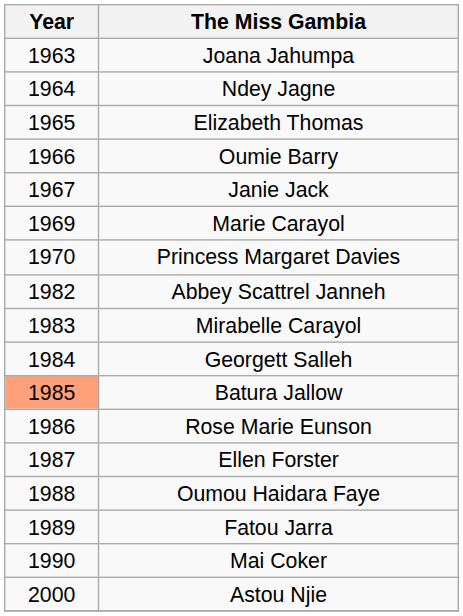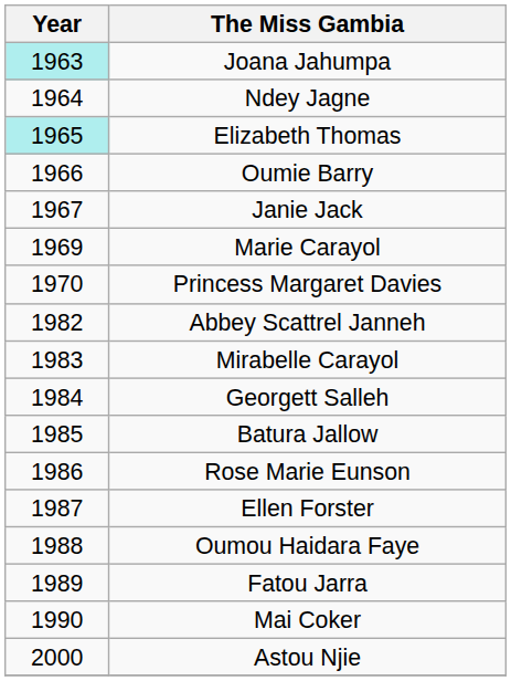 <table class="wikitable sortable" style="font-size: 95%; text-align:center">
 <tr>
 <th width="60">Year</th>
 <th width="250">The Miss Gambia</th>
 </tr>
 <tr>
-<td>1963</td>
+<td style="background: paleturquoise;">1963</td>
 <td>Joana Jahumpa</td>
 </tr>
 <tr>
 <td>1964</td>
 <td>Ndey Jagne</td>
 </tr>
 <tr>
-<td>1965</td>
+<td style="background: paleturquoise;">1965</td>
 <td>Elizabeth Thomas</td>
 </tr>
 <tr>
 <td>1966</td>
 <td>Oumie Barry</td>
 </tr>
 <tr>
 <td>1967</td>
 <td>Janie Jack</td>
 </tr>
 <tr>
 <td>1969</td>
 <td>Marie Carayol</td>
 </tr>
 <tr>
 <td>1970</td>
 <td>Princess Margaret Davies</td>
 </tr>
 <tr>
 <td>1982</td>
 <td>Abbey Scattrel Janneh</td>
 </tr>
 <tr>
 <td>1983</td>
 <td>Mirabelle Carayol</td>
 </tr>
 <tr>
 <td>1984</td>
 <td>Georgett Salleh</td>
 </tr>
 <tr>
-<td style="background: lightsalmon;">1985</td>
+<td>1985</td>
 <td>Batura Jallow</td>
 </tr>
 <tr>
 <td>1986</td>
 <td>Rose Marie Eunson</td>
 </tr>
 <tr>
 <td>1987</td>
 <td>Ellen Forster</td>
 </tr>
 <tr>
 <td>1988</td>
 <td>Oumou Haidara Faye</td>
 </tr>
 <tr>
 <td>1989</td>
 <td>Fatou Jarra</td>
 </tr>
 <tr>
 <td>1990</td>
 <td>Mai Coker</td>
 </tr>
 <tr>
 <td>2000</td>
 <td>Astou Njie</td>
 </tr>
 <tr>
 </tr>
 </table>
